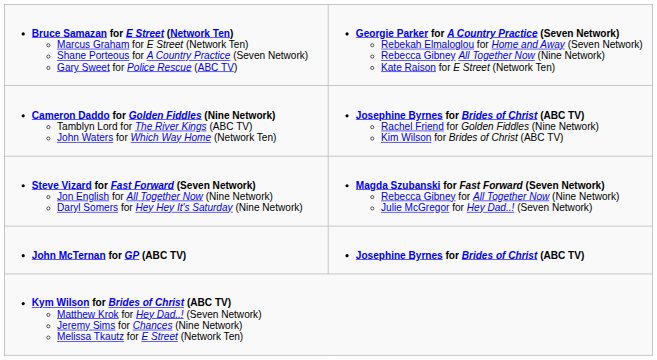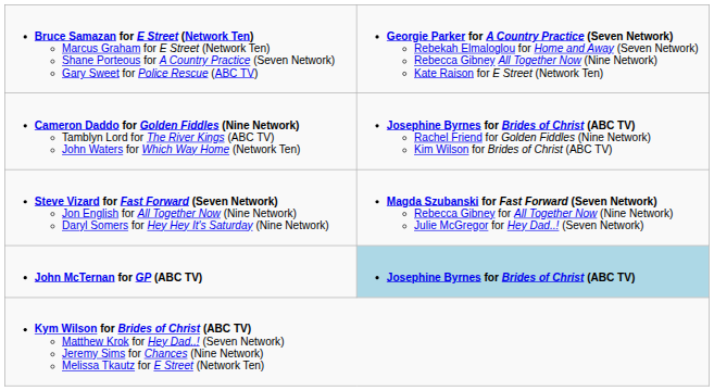 <table class="wikitable" width="65%">
 <tr>
 <td style="vertical-align:top;" width="50%"><br><ul><li><strong><a href='#'>Bruce Samazan</a> for <em><a href='#'>E Street</a></em> (<a href='#'>Network Ten</a>)</strong><ul><li><a href='#'>Marcus Graham</a> for <em>E Street</em> (Network Ten)</li><li><a href='#'>Shane Porteous</a> for <em><a href='#'>A Country Practice</a></em> (Seven Network)</li><li><a href='#'>Gary Sweet</a> for <em><a href='#'>Police Rescue</a></em> (<a href='#'>ABC TV</a>)</li></ul></li></ul></td>
 <td style="vertical-align:top;" width="50%"><br><ul><li><strong><a href='#'>Georgie Parker</a> for <em><a href='#'>A Country Practice</a></em> (Seven Network)</strong><ul><li><a href='#'>Rebekah Elmaloglou</a> for <em><a href='#'>Home and Away</a></em> (Seven Network)</li><li><a href='#'>Rebecca Gibney</a> <em><a href='#'>All Together Now</a></em> (Nine Network)</li><li><a href='#'>Kate Raison</a> for <em>E Street</em> (Network Ten)</li></ul></li></ul></td>
 </tr>
 <tr>
 <td style="vertical-align:top;" width="50%"><br><ul><li><strong><a href='#'>Cameron Daddo</a> for <em><a href='#'>Golden Fiddles</a></em> (Nine Network)</strong><ul><li>Tamblyn Lord for <em><a href='#'>The River Kings</a></em> (ABC TV)</li><li><a href='#'>John Waters</a> for <em><a href='#'>Which Way Home</a></em> (Network Ten)</li></ul></li></ul></td>
 <td style="vertical-align:top;" width="50%"><br><ul><li><strong><a href='#'>Josephine Byrnes</a> for <em><a href='#'>Brides of Christ</a></em> (ABC TV)</strong><ul><li><a href='#'>Rachel Friend</a> for <em>Golden Fiddles</em> (Nine Network)</li><li><a href='#'>Kim Wilson</a> for <em>Brides of Christ</em> (ABC TV)</li></ul></li></ul></td>
 </tr>
 <tr>
 <td style="vertical-align:top;" width="50%"><br><ul><li><strong><a href='#'>Steve Vizard</a> for <em><a href='#'>Fast Forward</a></em> (Seven Network)</strong><ul><li><a href='#'>Jon English</a> for <em><a href='#'>All Together Now</a></em> (Nine Network)</li><li><a href='#'>Daryl Somers</a> for <em><a href='#'>Hey Hey It's Saturday</a></em> (Nine Network)</li></ul></li></ul></td>
 <td style="vertical-align:top;" width="50%"><br><ul><li><strong><a href='#'>Magda Szubanski</a> for <em>Fast Forward</em> (Seven Network)</strong><ul><li><a href='#'>Rebecca Gibney</a> for <em><a href='#'>All Together Now</a></em> (Nine Network)</li><li><a href='#'>Julie McGregor</a> for <em><a href='#'>Hey Dad..!</a></em> (Seven Network)</li></ul></li></ul></td>
 </tr>
 <tr>
 <td style="vertical-align:top;" width="50%"><br><ul><li><strong><a href='#'>John McTernan</a> for <em><a href='#'>GP</a></em> (ABC TV)</strong></li></ul></td>
-<td style="vertical-align:top;" width="50%"><br><ul><li><strong><a href='#'>Josephine Byrnes</a> for <em><a href='#'>Brides of Christ</a></em> (ABC TV)</strong></li></ul></td>
+<td style="background: lightblue; vertical-align:top;" width="50%"><br><ul><li><strong><a href='#'>Josephine Byrnes</a> for <em><a href='#'>Brides of Christ</a></em> (ABC TV)</strong></li></ul></td>
 </tr>
 <tr>
 <td style="vertical-align:top;" width="50%" colspan="2"><br><ul><li><strong><a href='#'>Kym Wilson</a> for <em><a href='#'>Brides of Christ</a></em> (ABC TV)</strong><ul><li><a href='#'>Matthew Krok</a> for <em><a href='#'>Hey Dad..!</a></em> (Seven Network)</li><li><a href='#'>Jeremy Sims</a> for <em><a href='#'>Chances</a></em> (Nine Network)</li><li><a href='#'>Melissa Tkautz</a> for <em><a href='#'>E Street</a></em> (Network Ten)</li></ul></li></ul></td>
 </tr>
 </table>
